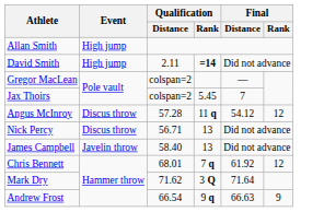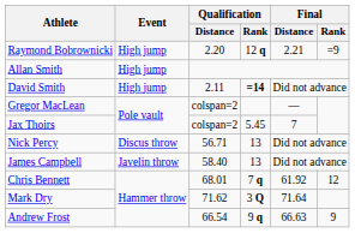 <table class="wikitable" style="font-size:90%">
 <tr>
 <th rowspan=2>Athlete</th>
 <th rowspan=2>Event</th>
 <th colspan=2>Qualification</th>
 <th colspan=2>Final</th>
 </tr>
 <tr style="font-size:95%">
 <th>Distance</th>
 <th>Rank</th>
 <th>Distance</th>
 <th>Rank</th>
+</tr>
+<tr align=center>
+<td align=left><a href='#'>Raymond Bobrownicki</a></td>
+<td align=left><a href='#'>High jump</a></td>
+<td>2.20</td>
+<td>12 <strong>q</strong></td>
+<td>2.21</td>
+<td>=9</td>
 </tr>
 <tr align=center>
 <td align=left><a href='#'>Allan Smith</a></td>
 <td align=left><a href='#'>High jump</a></td>
 <td colspan=4></td>
 </tr>
 <tr align=center>
 <td align=left><a href='#'>David Smith</a></td>
 <td align=left><a href='#'>High jump</a></td>
 <td>2.11</td>
 <td><strong>=14</strong></td>
 <td colspan=2>Did not advance</td>
 </tr>
 <tr align=center>
 <td align=left><a href='#'>Gregor MacLean</a></td>
 <td align=left rowspan=2><a href='#'>Pole vault</a></td>
 <td>colspan=2 </td>
 <td></td>
 <td>—</td>
 </tr>
 <tr align=center>
 <td align=left><a href='#'>Jax Thoirs</a></td>
 <td>colspan=2 </td>
 <td>5.45</td>
 <td>7</td>
-</tr>
-<tr align=center>
-<td align=left><a href='#'>Angus McInroy</a></td>
-<td align=left><a href='#'>Discus throw</a></td>
-<td>57.28</td>
-<td>11 <strong>q</strong></td>
-<td>54.12</td>
-<td>12</td>
 </tr>
 <tr align=center>
 <td align=left><a href='#'>Nick Percy</a></td>
 <td align=left><a href='#'>Discus throw</a></td>
 <td>56.71</td>
 <td>13</td>
 <td colspan=2>Did not advance</td>
 </tr>
 <tr align=center>
 <td align=left><a href='#'>James Campbell</a></td>
 <td align=left><a href='#'>Javelin throw</a></td>
 <td>58.40</td>
 <td>13</td>
 <td colspan=2>Did not advance</td>
 </tr>
 <tr align=center>
 <td align=left><a href='#'>Chris Bennett</a></td>
 <td align=left rowspan=3><a href='#'>Hammer throw</a></td>
 <td>68.01</td>
 <td>7 <strong>q</strong></td>
 <td>61.92</td>
 <td>12</td>
 </tr>
 <tr align=center>
 <td align=left><a href='#'>Mark Dry</a></td>
 <td>71.62</td>
 <td>3 <strong>Q</strong></td>
 <td>71.64</td>
 <td></td>
 </tr>
 <tr align=center>
 <td align=left><a href='#'>Andrew Frost</a></td>
 <td>66.54</td>
 <td>9 <strong>q</strong></td>
 <td>66.63</td>
 <td>9</td>
 </tr>
 </table>
